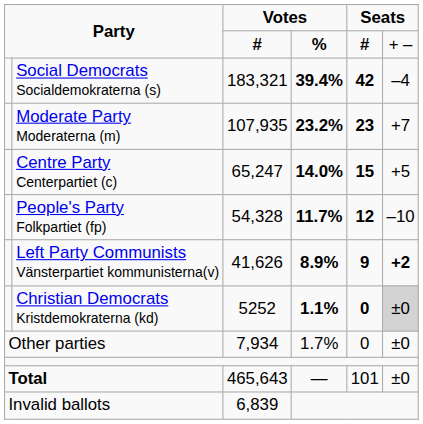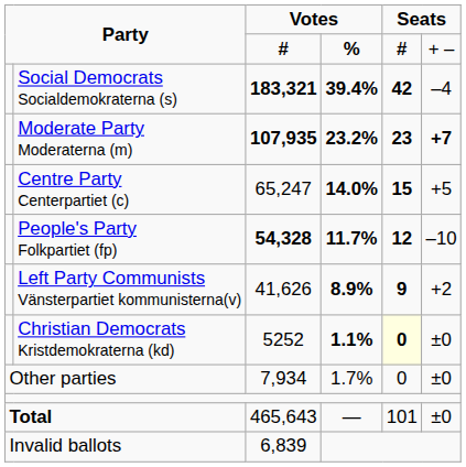 <table class="wikitable">
 <tr>
 <td colspan=2 rowspan=2 align="center"><strong>Party</strong></td>
 <td colspan=2 align="center"><strong>Votes</strong></td>
 <td colspan=2 align="center"><strong>Seats</strong></td>
 </tr>
 <tr>
 <td align="center"><strong>#</strong></td>
 <td align="center"><strong>%</strong></td>
 <td align="center"><strong>#</strong></td>
 <td align="center">+ –</td>
 </tr>
 <tr>
 <td bgcolor=></td>
 <td align="left"><a href='#'>Social Democrats</a><br><small>Socialdemokraterna (s)</small></td>
-<td align="center">183,321</td>
+<td align="center"><strong>183,321</strong></td>
 <td align="center"><strong>39.4%</strong></td>
 <td align="center"><strong>42</strong></td>
 <td align="center">–4</td>
 </tr>
 <tr>
 <td bgcolor=></td>
 <td align="left"><a href='#'>Moderate Party</a><br><small>Moderaterna (m)</small></td>
-<td align="center">107,935</td>
+<td align="center"><strong>107,935</strong></td>
 <td align="center"><strong>23.2%</strong></td>
 <td align="center"><strong>23</strong></td>
-<td align="center">+7</td>
+<td align="center"><strong>+7</strong></td>
 </tr>
 <tr>
 <td bgcolor=></td>
 <td align="left"><a href='#'>Centre Party</a><br><small>Centerpartiet (c)</small></td>
 <td align="center">65,247</td>
 <td align="center"><strong>14.0%</strong></td>
 <td align="center"><strong>15</strong></td>
 <td align="center">+5</td>
 </tr>
 <tr>
 <td bgcolor=></td>
 <td align="left"><a href='#'>People's Party</a><br><small>Folkpartiet (fp)</small></td>
-<td align="center">54,328</td>
+<td align="center"><strong>54,328</strong></td>
 <td align="center"><strong>11.7%</strong></td>
 <td align="center"><strong>12</strong></td>
 <td align="center">–10</td>
 </tr>
 <tr>
 <td bgcolor=></td>
 <td align="left"><a href='#'>Left Party Communists</a><br><small>Vänsterpartiet kommunisterna(v)</small></td>
 <td align="center">41,626</td>
 <td align="center"><strong>8.9%</strong></td>
 <td align="center"><strong>9</strong></td>
-<td align="center"><strong>+2</strong></td>
+<td align="center">+2</td>
 </tr>
 <tr>
 <td bgcolor=></td>
 <td align="left"><a href='#'>Christian Democrats</a><br><small>Kristdemokraterna (kd)</small></td>
 <td align="center">5252</td>
 <td align="center"><strong>1.1%</strong></td>
-<td align="center"><strong>0</strong></td>
-<td align="center" style="background: lightgrey;">±0</td>
+<td align="center" style="background: lightyellow;"><strong>0</strong></td>
+<td align="center">±0</td>
 </tr>
 <tr>
 <td colspan="2" align="left">Other parties</td>
 <td align="center">7,934</td>
 <td align="center">1.7%</td>
 <td align="center">0</td>
 <td align="center">±0</td>
 </tr>
 <tr>
 <td colspan=6></td>
 </tr>
 <tr>
 <td colspan="2" align="left"><strong>Total</strong></td>
 <td align="center">465,643</td>
 <td align="center">—</td>
 <td align="center">101</td>
 <td align="center">±0</td>
 </tr>
 <tr>
 <td colspan="2" align="left">Invalid ballots</td>
 <td align="center">6,839</td>
 </tr>
 </table>
